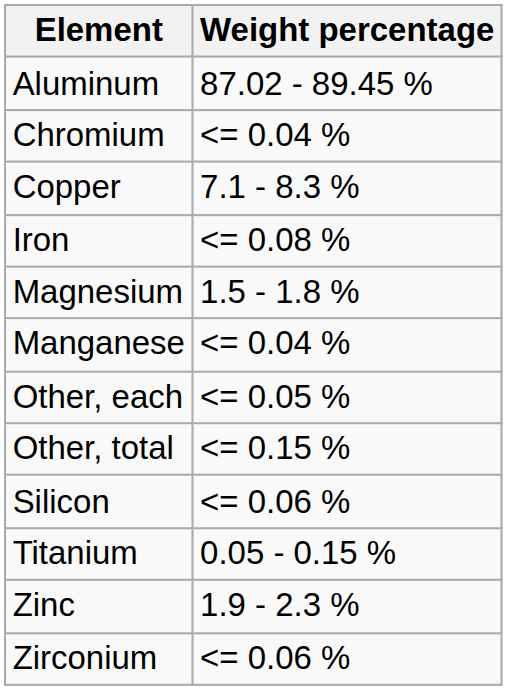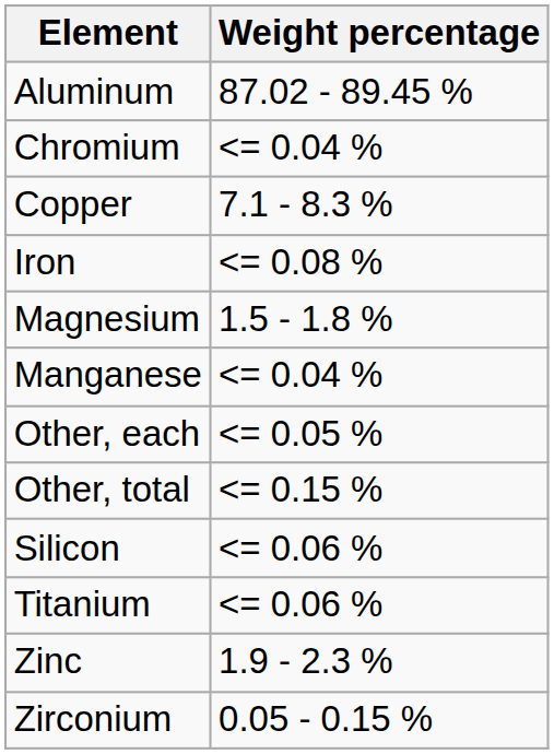 <table class="wikitable">
 <tr>
 <th>Element</th>
 <th>Weight percentage</th>
 </tr>
 <tr>
 <td>Aluminum</td>
 <td>87.02 - 89.45 %</td>
 </tr>
 <tr>
 <td>Chromium</td>
 <td><= 0.04 %</td>
 </tr>
 <tr>
 <td>Copper</td>
 <td>7.1 - 8.3 %</td>
 </tr>
 <tr>
 <td>Iron</td>
 <td><= 0.08 %</td>
 </tr>
 <tr>
 <td>Magnesium</td>
 <td>1.5 - 1.8 %</td>
 </tr>
 <tr>
 <td>Manganese</td>
 <td><= 0.04 %</td>
 </tr>
 <tr>
 <td>Other, each</td>
 <td><= 0.05 %</td>
 </tr>
 <tr>
 <td>Other, total</td>
 <td><= 0.15 %</td>
 </tr>
 <tr>
 <td>Silicon</td>
 <td><= 0.06 %</td>
 </tr>
 <tr>
 <td>Titanium</td>
-<td>0.05 - 0.15 %</td>
+<td><= 0.06 %</td>
 </tr>
 <tr>
 <td>Zinc</td>
 <td>1.9 - 2.3 %</td>
 </tr>
 <tr>
 <td>Zirconium</td>
-<td><= 0.06 %</td>
+<td>0.05 - 0.15 %</td>
 </tr>
 </table>
